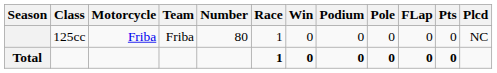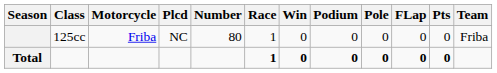 <table class="wikitable">
 <tr>
 <th>Season</th>
 <th>Class</th>
 <th>Motorcycle</th>
-<th>Team</th>
+<th>Plcd</th>
 <th>Number</th>
 <th>Race</th>
 <th>Win</th>
 <th>Podium</th>
 <th>Pole</th>
 <th>FLap</th>
 <th>Pts</th>
-<th>Plcd</th>
+<th>Team</th>
 </tr>
 <tr align="right">
 <th></th>
 <td>125cc</td>
 <td><a href='#'>Friba</a></td>
-<td>Friba</td>
+<td>NC</td>
 <td>80</td>
 <td>1</td>
 <td>0</td>
 <td>0</td>
 <td>0</td>
 <td>0</td>
 <td>0</td>
-<td>NC</td>
+<td>Friba</td>
 </tr>
 <tr align="right">
 <th>Total</th>
 <td></td>
 <td></td>
 <td></td>
 <td></td>
 <td><strong>1</strong></td>
 <td><strong>0</strong></td>
 <td><strong>0</strong></td>
 <td><strong>0</strong></td>
 <td><strong>0</strong></td>
 <td><strong>0</strong></td>
 <td></td>
 </tr>
 </table>
